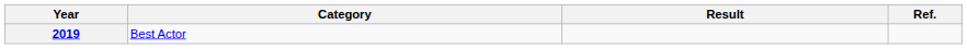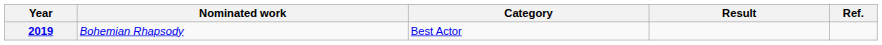 <table class="wikitable">
 <tr>
 <th width=2%>Year</th>
+<th width=11%>Nominated work</th>
 <th width=8%>Category</th>
 <th width=6%>Result</th>
 <th width=1%>Ref.</th>
 </tr>
 <tr>
 <th scope=row><a href='#'>2019</a></th>
+<td><em><a href='#'>Bohemian Rhapsody</a></em></td>
 <td><a href='#'>Best Actor</a></td>
 <td></td>
 <td style="text-align:center;"></td>
 </tr>
 </table>
